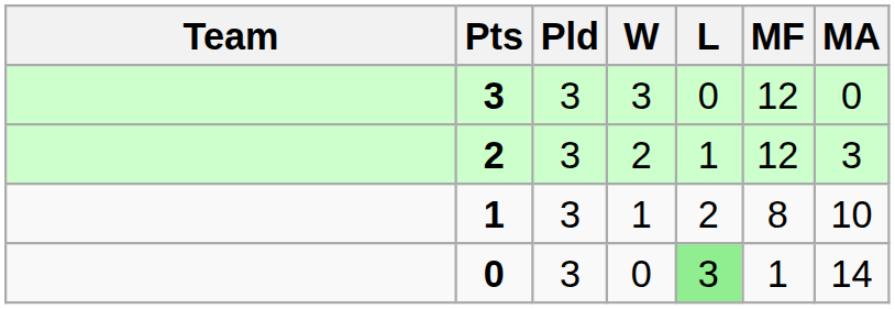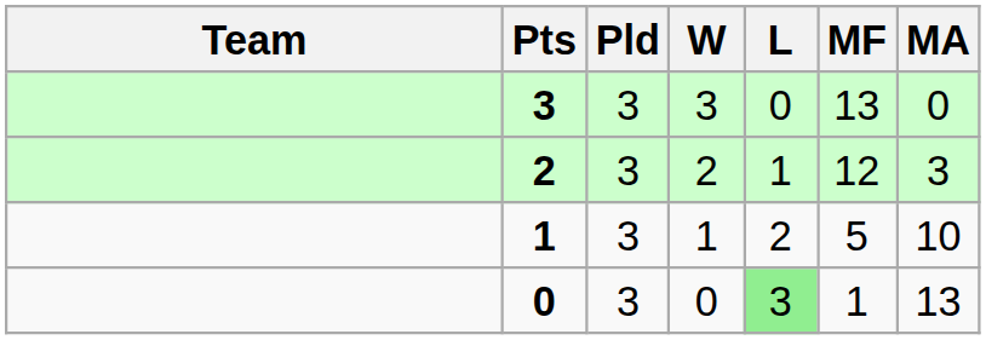 <table class=wikitable style="text-align:center; font-size:95%">
 <tr>
 <th width=175>Team</th>
 <th width=20>Pts</th>
 <th width=20>Pld</th>
 <th width=20>W</th>
 <th width=20>L</th>
 <th width=20>MF</th>
 <th width=20>MA</th>
 </tr>
 <tr bgcolor=ccffcc>
 <td style="text-align:left"></td>
 <td><strong>3</strong></td>
 <td>3</td>
 <td>3</td>
 <td>0</td>
-<td>12</td>
+<td>13</td>
 <td>0</td>
 </tr>
 <tr bgcolor=ccffcc>
 <td style="text-align:left"></td>
 <td><strong>2</strong></td>
 <td>3</td>
 <td>2</td>
 <td>1</td>
 <td>12</td>
 <td>3</td>
 </tr>
 <tr>
 <td style="text-align:left"></td>
 <td><strong>1</strong></td>
 <td>3</td>
 <td>1</td>
 <td>2</td>
-<td>8</td>
+<td>5</td>
 <td>10</td>
 </tr>
 <tr>
 <td style="text-align:left"></td>
 <td><strong>0</strong></td>
 <td>3</td>
 <td>0</td>
 <td style="background: lightgreen;">3</td>
 <td>1</td>
-<td>14</td>
+<td>13</td>
 </tr>
 </table>
